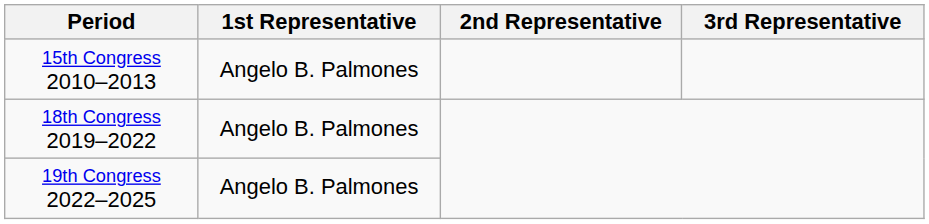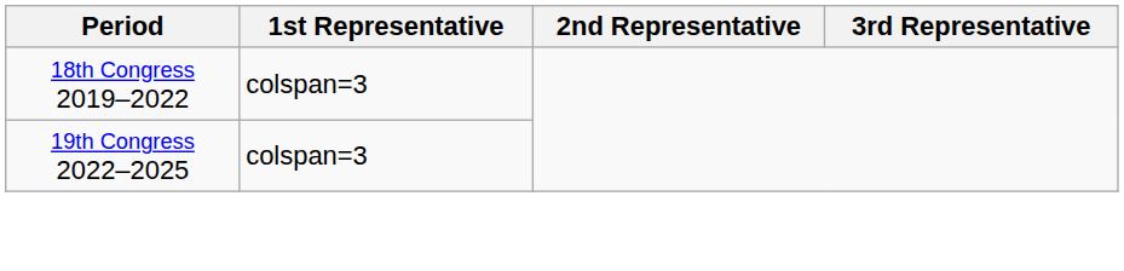 <table class="wikitable" width=76%>
 <tr>
 <th width=16%>Period</th>
 <th width=20%>1st Representative</th>
 <th width=20%>2nd Representative</th>
 <th width=20%>3rd Representative</th>
 </tr>
 <tr>
-<td style="text-align:center;"><small><a href='#'>15th Congress</a></small><br>2010–2013</td>
-<td style="text-align:center;">Angelo B. Palmones</td>
-<td></td>
-<td></td>
-</tr>
-<tr>
 <td style="text-align:center;"><small><a href='#'>18th Congress</a></small><br>2019–2022</td>
-<td style="text-align:center;">Angelo B. Palmones</td>
+<td>colspan=3</td>
 </tr>
 <tr>
 <td style="text-align:center;"><small><a href='#'>19th Congress</a></small><br>2022–2025</td>
-<td style="text-align:center;">Angelo B. Palmones</td>
+<td>colspan=3</td>
 </tr>
 </table>
